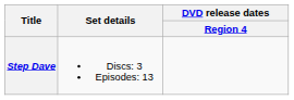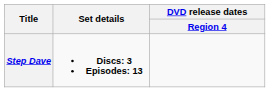 <table class="wikitable plainrowheaders" style="font-size:90%; text-align: center">
 <tr>
 <th scope="col" rowspan="2">Title</th>
 <th scope="col" rowspan="2" style="width: 10em;">Set details</th>
 <th scope="col" colspan="1"><a href='#'>DVD</a> release dates</th>
 </tr>
 <tr>
 <th scope="col" style="width: 12em; font-size: 100%;"><a href='#'>Region 4</a></th>
 </tr>
 <tr>
 <th scope="row" style="text-align:center;"><em><a href='#'>Step Dave</a></em></th>
-<td><br><ul><li>Discs: 3</li><li>Episodes: 13</li></ul></td>
+<td><strong><br><ul><li>Discs: 3</li><li>Episodes: 13</li></ul></strong></td>
 <td></td>
 </tr>
 </table>
